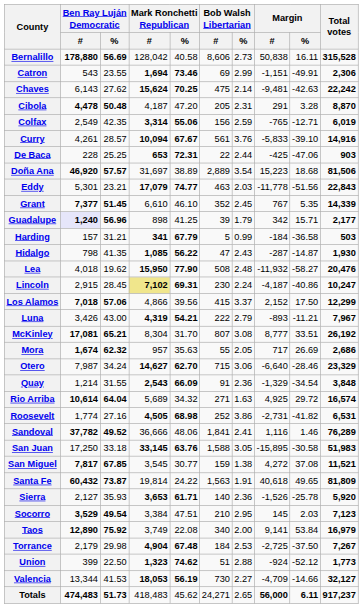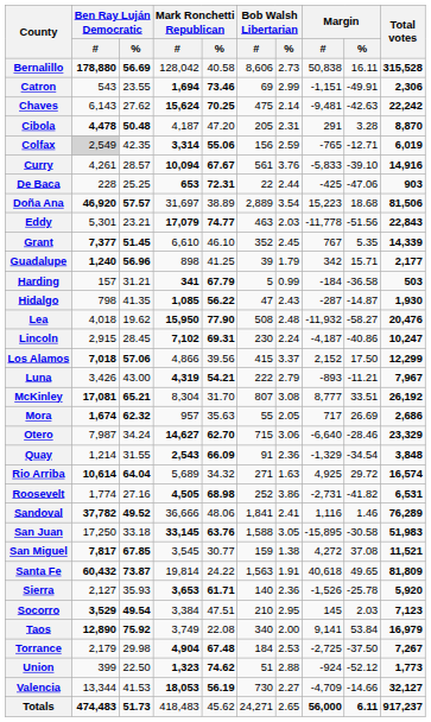 <table class="wikitable sortable" style="text-align:right;font-size:90%;line-height:1.3">
 <tr>
 <th rowspan="2">County</th>
 <th colspan="2"><a href='#'>Ben Ray Luján</a><br><a href='#'>Democratic</a></th>
 <th colspan="2">Mark Ronchetti<br><a href='#'>Republican</a></th>
 <th colspan="2">Bob Walsh<br><a href='#'>Libertarian</a></th>
 <th colspan="2">Margin</th>
 <th rowspan="2">Total<br>votes</th>
 </tr>
 <tr>
 <th data-sort-type="number">#</th>
 <th data-sort-type="number">%</th>
 <th data-sort-type="number">#</th>
 <th data-sort-type="number">%</th>
 <th data-sort-type="number">#</th>
 <th data-sort-type="number">%</th>
 <th data-sort-type="number">#</th>
 <th data-sort-type="number">%</th>
 </tr>
 <tr>
 <th><a href='#'>Bernalillo</a></th>
 <td><strong>178,880</strong></td>
 <td><strong>56.69</strong></td>
 <td>128,042</td>
 <td>40.58</td>
 <td>8,606</td>
 <td>2.73</td>
 <td>50,838</td>
 <td>16.11</td>
 <td><strong>315,528</strong></td>
 </tr>
 <tr>
 <th><a href='#'>Catron</a></th>
 <td>543</td>
 <td>23.55</td>
 <td><strong>1,694</strong></td>
 <td><strong>73.46</strong></td>
 <td>69</td>
 <td>2.99</td>
 <td>-1,151</td>
 <td>-49.91</td>
 <td><strong>2,306</strong></td>
 </tr>
 <tr>
 <th><a href='#'>Chaves</a></th>
 <td>6,143</td>
 <td>27.62</td>
 <td><strong>15,624</strong></td>
 <td><strong>70.25</strong></td>
 <td>475</td>
 <td>2.14</td>
 <td>-9,481</td>
 <td>-42.63</td>
 <td><strong>22,242</strong></td>
 </tr>
 <tr>
 <th><a href='#'>Cibola</a></th>
 <td><strong>4,478</strong></td>
 <td><strong>50.48</strong></td>
 <td>4,187</td>
 <td>47.20</td>
 <td>205</td>
 <td>2.31</td>
 <td>291</td>
 <td>3.28</td>
 <td><strong>8,870</strong></td>
 </tr>
 <tr>
 <th><a href='#'>Colfax</a></th>
-<td>2,549</td>
+<td style="background: lightgrey;">2,549</td>
 <td>42.35</td>
 <td><strong>3,314</strong></td>
 <td><strong>55.06</strong></td>
 <td>156</td>
 <td>2.59</td>
 <td>-765</td>
 <td>-12.71</td>
 <td><strong>6,019</strong></td>
 </tr>
 <tr>
 <th><a href='#'>Curry</a></th>
 <td>4,261</td>
 <td>28.57</td>
 <td><strong>10,094</strong></td>
 <td><strong>67.67</strong></td>
 <td>561</td>
 <td>3.76</td>
 <td>-5,833</td>
 <td>-39.10</td>
 <td><strong>14,916</strong></td>
 </tr>
 <tr>
 <th><a href='#'>De Baca</a></th>
 <td>228</td>
 <td>25.25</td>
 <td><strong>653</strong></td>
 <td><strong>72.31</strong></td>
 <td>22</td>
 <td>2.44</td>
 <td>-425</td>
 <td>-47.06</td>
 <td><strong>903</strong></td>
 </tr>
 <tr>
 <th><a href='#'>Doña Ana</a></th>
 <td><strong>46,920</strong></td>
 <td><strong>57.57</strong></td>
 <td>31,697</td>
 <td>38.89</td>
 <td>2,889</td>
 <td>3.54</td>
 <td>15,223</td>
 <td>18.68</td>
 <td><strong>81,506</strong></td>
 </tr>
 <tr>
 <th><a href='#'>Eddy</a></th>
 <td>5,301</td>
 <td>23.21</td>
 <td><strong>17,079</strong></td>
 <td><strong>74.77</strong></td>
 <td>463</td>
 <td>2.03</td>
 <td>-11,778</td>
 <td>-51.56</td>
 <td><strong>22,843</strong></td>
 </tr>
 <tr>
 <th><a href='#'>Grant</a></th>
 <td><strong>7,377</strong></td>
 <td><strong>51.45</strong></td>
 <td>6,610</td>
 <td>46.10</td>
 <td>352</td>
 <td>2.45</td>
 <td>767</td>
 <td>5.35</td>
 <td><strong>14,339</strong></td>
 </tr>
 <tr>
 <th><a href='#'>Guadalupe</a></th>
-<td style="background: lavender;"><strong>1,240</strong></td>
+<td><strong>1,240</strong></td>
 <td><strong>56.96</strong></td>
 <td>898</td>
 <td>41.25</td>
 <td>39</td>
 <td>1.79</td>
 <td>342</td>
 <td>15.71</td>
 <td><strong>2,177</strong></td>
 </tr>
 <tr>
 <th><a href='#'>Harding</a></th>
 <td>157</td>
 <td>31.21</td>
 <td><strong>341</strong></td>
 <td><strong>67.79</strong></td>
 <td>5</td>
 <td>0.99</td>
 <td>-184</td>
 <td>-36.58</td>
 <td><strong>503</strong></td>
 </tr>
 <tr>
 <th><a href='#'>Hidalgo</a></th>
 <td>798</td>
 <td>41.35</td>
 <td><strong>1,085</strong></td>
 <td><strong>56.22</strong></td>
 <td>47</td>
 <td>2.43</td>
 <td>-287</td>
 <td>-14.87</td>
 <td><strong>1,930</strong></td>
 </tr>
 <tr>
 <th><a href='#'>Lea</a></th>
 <td>4,018</td>
 <td>19.62</td>
 <td><strong>15,950</strong></td>
 <td><strong>77.90</strong></td>
 <td>508</td>
 <td>2.48</td>
 <td>-11,932</td>
 <td>-58.27</td>
 <td><strong>20,476</strong></td>
 </tr>
 <tr>
 <th><a href='#'>Lincoln</a></th>
 <td>2,915</td>
 <td>28.45</td>
-<td style="background: khaki;"><strong>7,102</strong></td>
+<td><strong>7,102</strong></td>
 <td><strong>69.31</strong></td>
 <td>230</td>
 <td>2.24</td>
 <td>-4,187</td>
 <td>-40.86</td>
 <td><strong>10,247</strong></td>
 </tr>
 <tr>
 <th><a href='#'>Los Alamos</a></th>
 <td><strong>7,018</strong></td>
 <td><strong>57.06</strong></td>
 <td>4,866</td>
 <td>39.56</td>
 <td>415</td>
 <td>3.37</td>
 <td>2,152</td>
 <td>17.50</td>
 <td><strong>12,299</strong></td>
 </tr>
 <tr>
 <th><a href='#'>Luna</a></th>
 <td>3,426</td>
 <td>43.00</td>
 <td><strong>4,319</strong></td>
 <td><strong>54.21</strong></td>
 <td>222</td>
 <td>2.79</td>
 <td>-893</td>
 <td>-11.21</td>
 <td><strong>7,967</strong></td>
 </tr>
 <tr>
 <th><a href='#'>McKinley</a></th>
 <td><strong>17,081</strong></td>
 <td><strong>65.21</strong></td>
 <td>8,304</td>
 <td>31.70</td>
 <td>807</td>
 <td>3.08</td>
 <td>8,777</td>
 <td>33.51</td>
 <td><strong>26,192</strong></td>
 </tr>
 <tr>
 <th><a href='#'>Mora</a></th>
 <td><strong>1,674</strong></td>
 <td><strong>62.32</strong></td>
 <td>957</td>
 <td>35.63</td>
 <td>55</td>
 <td>2.05</td>
 <td>717</td>
 <td>26.69</td>
 <td><strong>2,686</strong></td>
 </tr>
 <tr>
 <th><a href='#'>Otero</a></th>
 <td>7,987</td>
 <td>34.24</td>
 <td><strong>14,627</strong></td>
 <td><strong>62.70</strong></td>
 <td>715</td>
 <td>3.06</td>
 <td>-6,640</td>
 <td>-28.46</td>
 <td><strong>23,329</strong></td>
 </tr>
 <tr>
 <th><a href='#'>Quay</a></th>
 <td>1,214</td>
 <td>31.55</td>
 <td><strong>2,543</strong></td>
 <td><strong>66.09</strong></td>
 <td>91</td>
 <td>2.36</td>
 <td>-1,329</td>
 <td>-34.54</td>
 <td><strong>3,848</strong></td>
 </tr>
 <tr>
 <th><a href='#'>Rio Arriba</a></th>
 <td><strong>10,614</strong></td>
 <td><strong>64.04</strong></td>
 <td>5,689</td>
 <td>34.32</td>
 <td>271</td>
 <td>1.63</td>
 <td>4,925</td>
 <td>29.72</td>
 <td><strong>16,574</strong></td>
 </tr>
 <tr>
 <th><a href='#'>Roosevelt</a></th>
 <td>1,774</td>
 <td>27.16</td>
 <td><strong>4,505</strong></td>
 <td><strong>68.98</strong></td>
 <td>252</td>
 <td>3.86</td>
 <td>-2,731</td>
 <td>-41.82</td>
 <td><strong>6,531</strong></td>
 </tr>
 <tr>
 <th><a href='#'>Sandoval</a></th>
 <td><strong>37,782</strong></td>
 <td><strong>49.52</strong></td>
 <td>36,666</td>
 <td>48.06</td>
 <td>1,841</td>
 <td>2.41</td>
 <td>1,116</td>
 <td>1.46</td>
 <td><strong>76,289</strong></td>
 </tr>
 <tr>
 <th><a href='#'>San Juan</a></th>
 <td>17,250</td>
 <td>33.18</td>
 <td><strong>33,145</strong></td>
 <td><strong>63.76</strong></td>
 <td>1,588</td>
 <td>3.05</td>
 <td>-15,895</td>
 <td>-30.58</td>
 <td><strong>51,983</strong></td>
 </tr>
 <tr>
 <th><a href='#'>San Miguel</a></th>
 <td><strong>7,817</strong></td>
 <td><strong>67.85</strong></td>
 <td>3,545</td>
 <td>30.77</td>
 <td>159</td>
 <td>1.38</td>
 <td>4,272</td>
 <td>37.08</td>
 <td><strong>11,521</strong></td>
 </tr>
 <tr>
 <th><a href='#'>Santa Fe</a></th>
 <td><strong>60,432</strong></td>
 <td><strong>73.87</strong></td>
 <td>19,814</td>
 <td>24.22</td>
 <td>1,563</td>
 <td>1.91</td>
 <td>40,618</td>
 <td>49.65</td>
 <td><strong>81,809</strong></td>
 </tr>
 <tr>
 <th><a href='#'>Sierra</a></th>
 <td>2,127</td>
 <td>35.93</td>
 <td><strong>3,653</strong></td>
 <td><strong>61.71</strong></td>
 <td>140</td>
 <td>2.36</td>
 <td>-1,526</td>
 <td>-25.78</td>
 <td><strong>5,920</strong></td>
 </tr>
 <tr>
 <th><a href='#'>Socorro</a></th>
 <td><strong>3,529</strong></td>
 <td><strong>49.54</strong></td>
 <td>3,384</td>
 <td>47.51</td>
 <td>210</td>
 <td>2.95</td>
 <td>145</td>
 <td>2.03</td>
 <td><strong>7,123</strong></td>
 </tr>
 <tr>
 <th><a href='#'>Taos</a></th>
 <td><strong>12,890</strong></td>
 <td><strong>75.92</strong></td>
 <td>3,749</td>
 <td>22.08</td>
 <td>340</td>
 <td>2.00</td>
 <td>9,141</td>
 <td>53.84</td>
 <td><strong>16,979</strong></td>
 </tr>
 <tr>
 <th><a href='#'>Torrance</a></th>
 <td>2,179</td>
 <td>29.98</td>
 <td><strong>4,904</strong></td>
 <td><strong>67.48</strong></td>
 <td>184</td>
 <td>2.53</td>
 <td>-2,725</td>
 <td>-37.50</td>
 <td><strong>7,267</strong></td>
 </tr>
 <tr>
 <th><a href='#'>Union</a></th>
 <td>399</td>
 <td>22.50</td>
 <td><strong>1,323</strong></td>
 <td><strong>74.62</strong></td>
 <td>51</td>
 <td>2.88</td>
 <td>-924</td>
 <td>-52.12</td>
 <td><strong>1,773</strong></td>
 </tr>
 <tr>
 <th><a href='#'>Valencia</a></th>
 <td>13,344</td>
 <td>41.53</td>
 <td><strong>18,053</strong></td>
 <td><strong>56.19</strong></td>
 <td>730</td>
 <td>2.27</td>
 <td>-4,709</td>
 <td>-14.66</td>
 <td><strong>32,127</strong></td>
 </tr>
 <tr class="sortbottom">
 <th>Totals</th>
 <td><strong>474,483</strong></td>
 <td><strong>51.73</strong></td>
 <td>418,483</td>
 <td>45.62</td>
 <td>24,271</td>
 <td>2.65</td>
 <td><strong>56,000</strong></td>
 <td><strong>6.11</strong></td>
 <td><strong>917,237</strong></td>
 </tr>
 </table>
